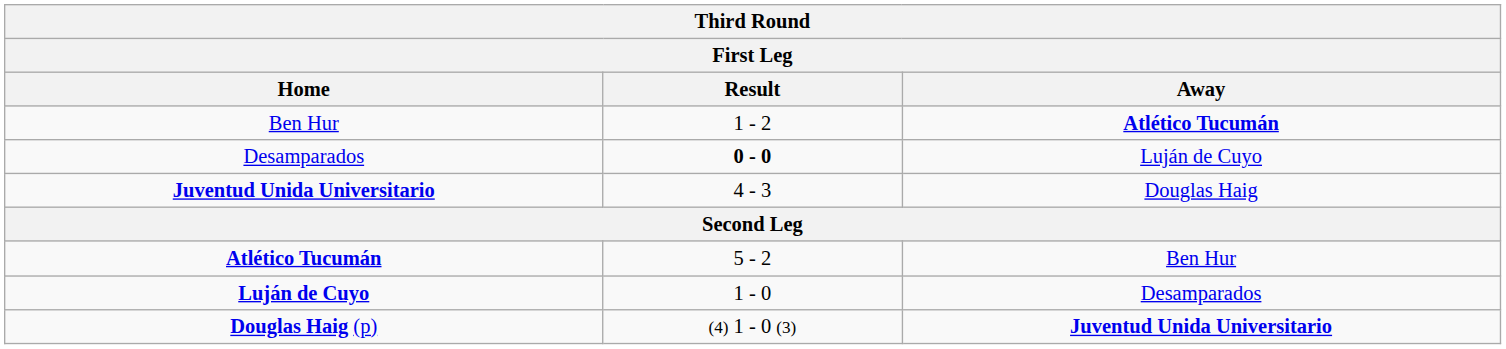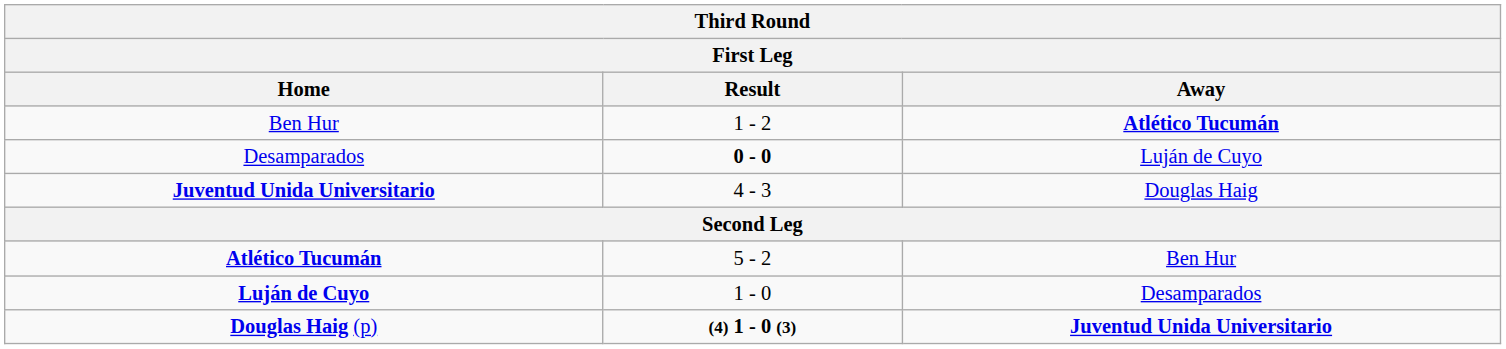 <table align=center class="wikitable collapsible collapsed" style="font-size:95%; text-align: center; width: 70%;">
 <tr>
 <th colspan=100% style="with: 100%;" align=center>Third Round</th>
 </tr>
 <tr>
 <th colspan=100% style="with: 75%;" align=center>First Leg</th>
 </tr>
 <tr>
 <th width=30%>Home</th>
 <th width=15%>Result</th>
 <th width=30%>Away</th>
 </tr>
 <tr align=center>
 <td><a href='#'>Ben Hur</a></td>
 <td>1 - 2</td>
 <td><strong><a href='#'>Atlético Tucumán</a></strong></td>
 </tr>
 <tr align=center>
 <td><a href='#'>Desamparados</a></td>
 <td><strong>0 - 0</strong></td>
 <td><a href='#'>Luján de Cuyo</a></td>
 </tr>
 <tr align=center>
 <td><strong><a href='#'>Juventud Unida Universitario</a></strong></td>
 <td>4 - 3</td>
 <td><a href='#'>Douglas Haig</a></td>
 </tr>
 <tr>
 <th colspan=100% style="with: 75%;" align=center>Second Leg</th>
 </tr>
 <tr align=center>
 <td><strong><a href='#'>Atlético Tucumán</a></strong></td>
 <td>5 - 2</td>
 <td><a href='#'>Ben Hur</a></td>
 </tr>
 <tr align=center>
 <td><strong><a href='#'>Luján de Cuyo</a></strong></td>
 <td>1 - 0</td>
 <td><a href='#'>Desamparados</a></td>
 </tr>
 <tr align=center>
 <td><strong><a href='#'>Douglas Haig</a></strong> <a href='#'>(p)</a></td>
-<td><small>(4)</small> 1 - 0 <small>(3)</small></td>
+<td><strong><small>(4)</small> 1 - 0 <small>(3)</small></strong></td>
 <td><strong><a href='#'>Juventud Unida Universitario</a></strong></td>
 </tr>
 </table>
